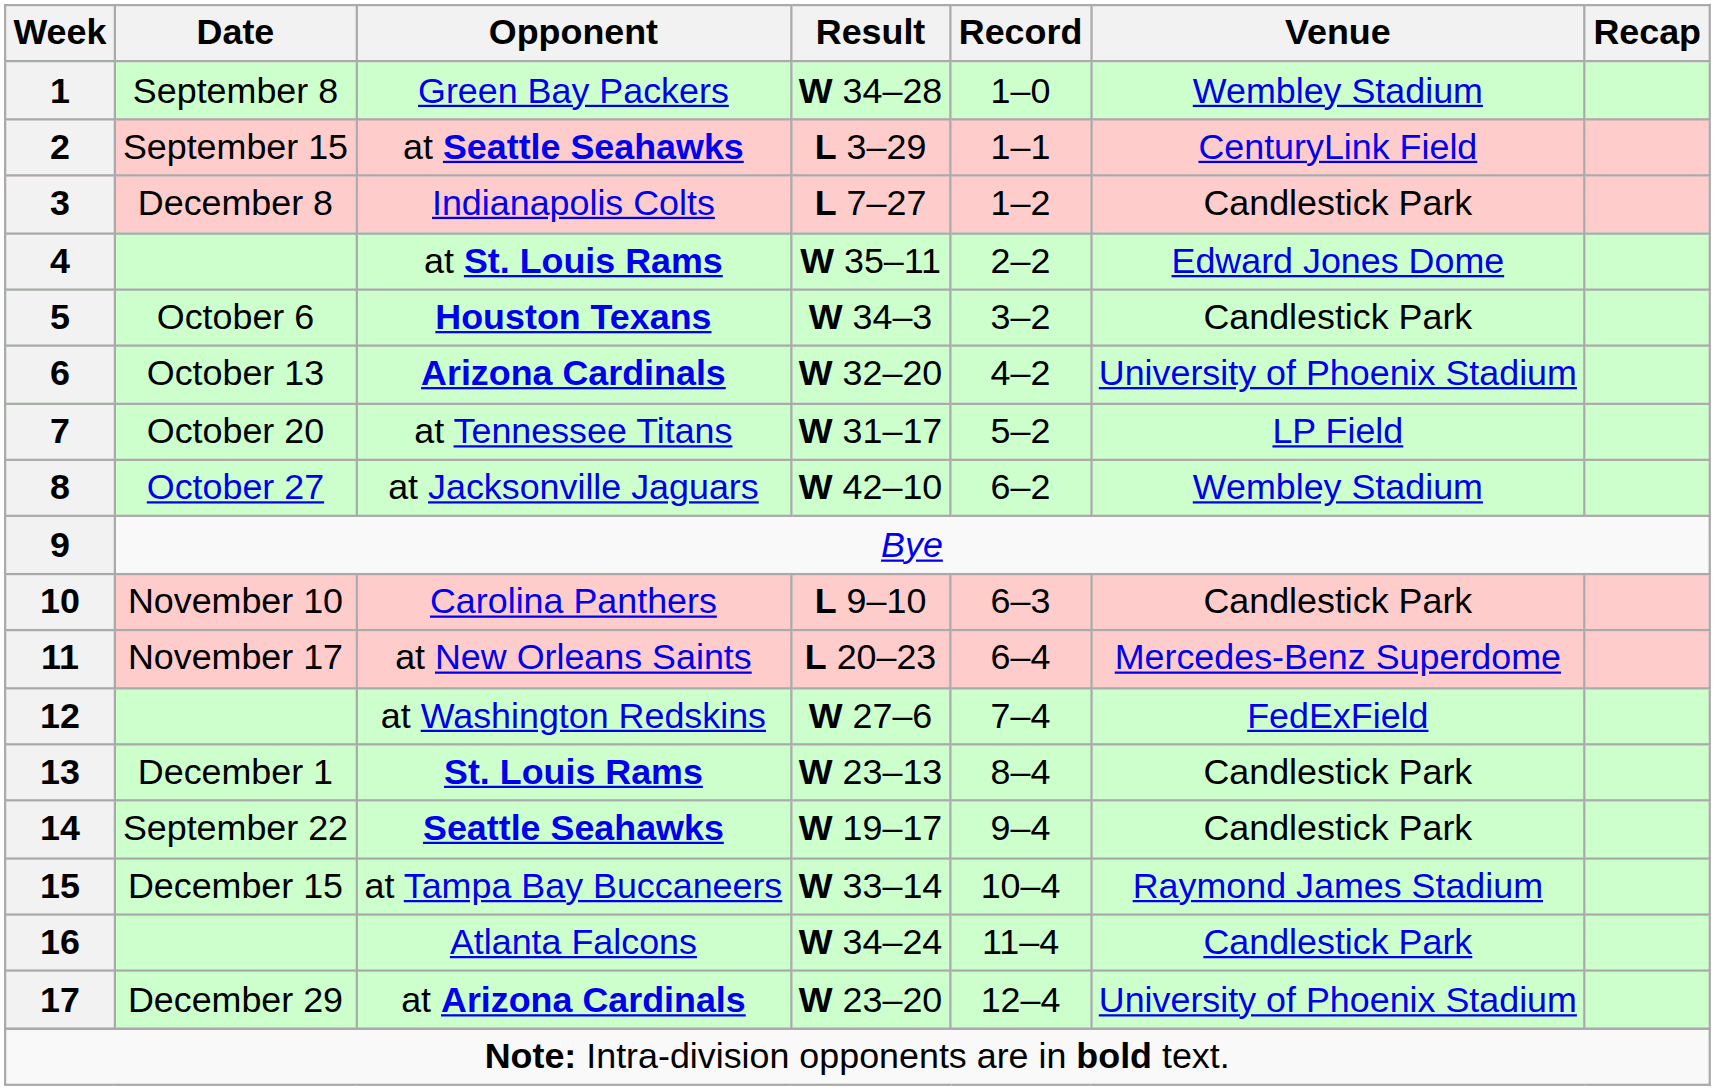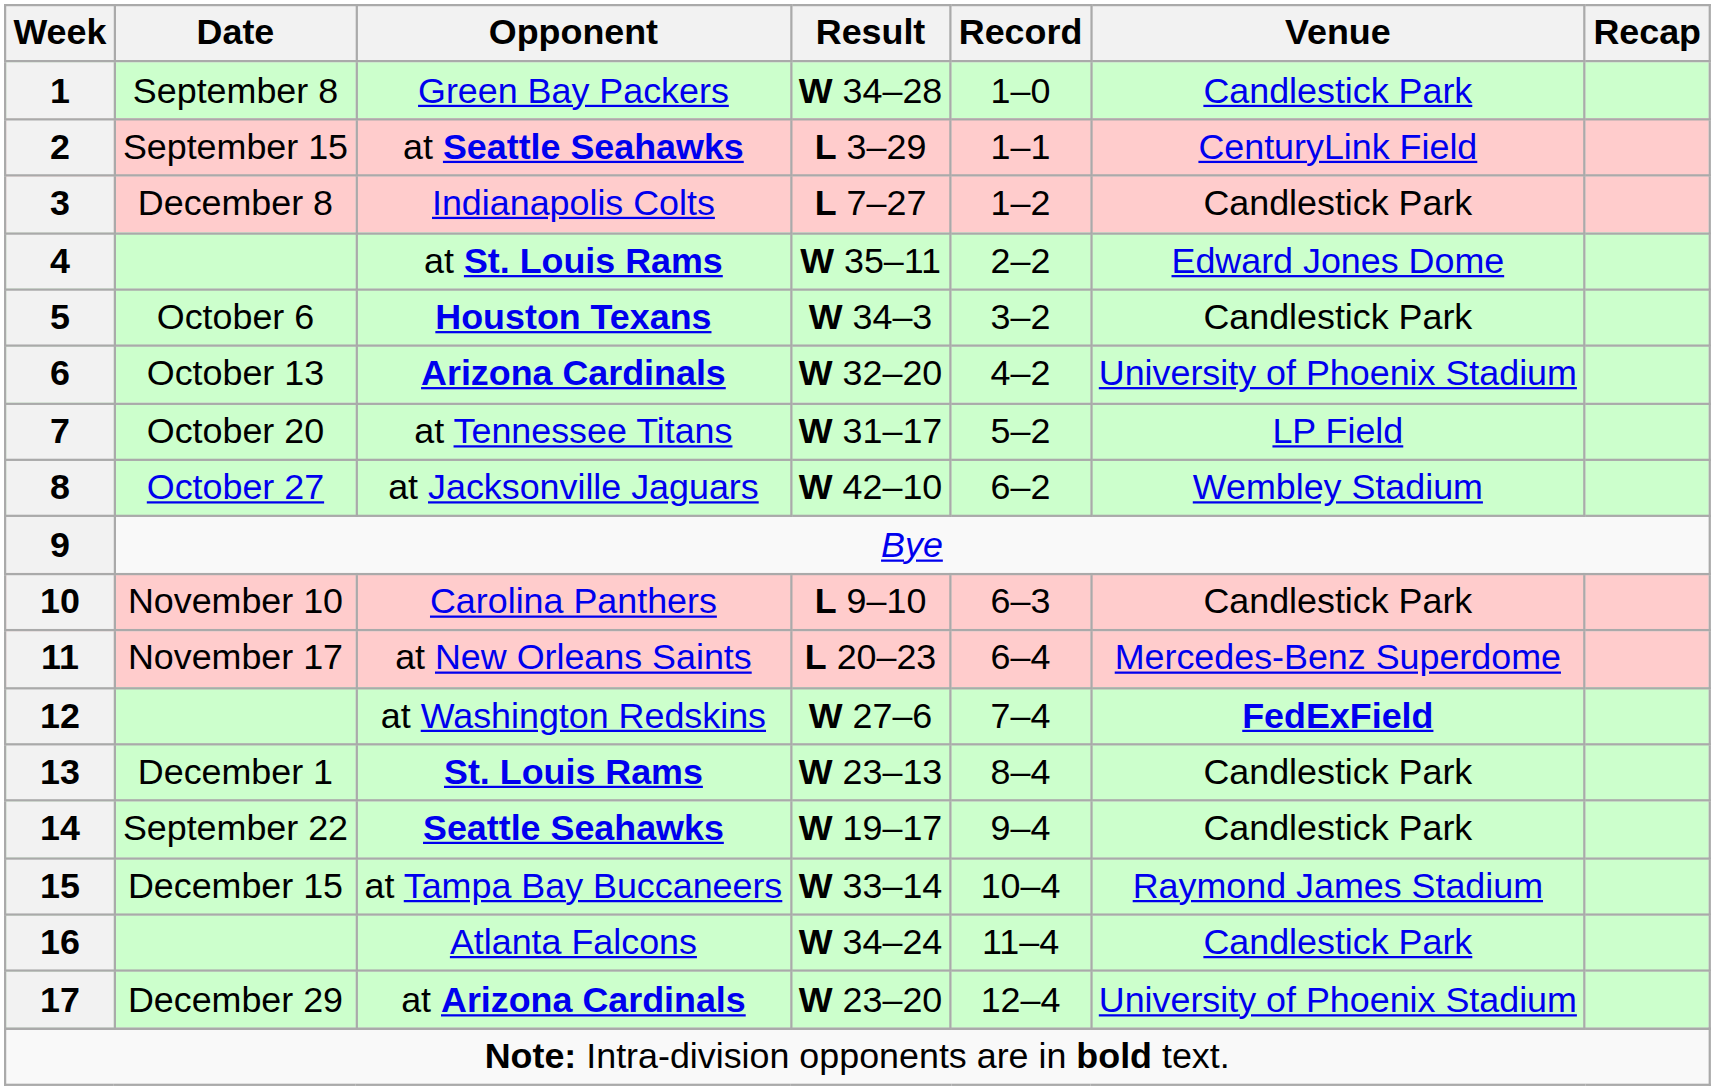 <table class="wikitable" style="text-align:center">
 <tr>
 <th>Week</th>
 <th>Date</th>
 <th>Opponent</th>
 <th>Result</th>
 <th>Record</th>
 <th>Venue</th>
 <th>Recap</th>
 </tr>
 <tr style="background:#cfc">
 <th>1</th>
 <td>September 8</td>
 <td><a href='#'>Green Bay Packers</a></td>
 <td><strong>W</strong> 34–28</td>
 <td>1–0</td>
-<td><a href='#'>Wembley Stadium</a> </td>
+<td><a href='#'>Candlestick Park</a></td>
 <td></td>
 </tr>
 <tr style="background:#fcc">
 <th>2</th>
 <td>September 15</td>
 <td>at <strong><a href='#'>Seattle Seahawks</a></strong></td>
 <td><strong>L</strong> 3–29</td>
 <td>1–1</td>
 <td><a href='#'>CenturyLink Field</a></td>
 <td></td>
 </tr>
 <tr style="background:#fcc">
 <th>3</th>
 <td>December 8</td>
 <td><a href='#'>Indianapolis Colts</a></td>
 <td><strong>L</strong> 7–27</td>
 <td>1–2</td>
 <td>Candlestick Park</td>
 <td></td>
 </tr>
 <tr style="background:#cfc">
 <th>4</th>
 <td></td>
 <td>at <strong><a href='#'>St. Louis Rams</a></strong></td>
 <td><strong>W</strong> 35–11</td>
 <td>2–2</td>
 <td><a href='#'>Edward Jones Dome</a></td>
 <td></td>
 </tr>
 <tr style="background:#cfc">
 <th>5</th>
 <td>October 6</td>
 <td><strong><a href='#'>Houston Texans</a></strong></td>
 <td><strong>W</strong> 34–3</td>
 <td>3–2</td>
 <td>Candlestick Park</td>
 <td></td>
 </tr>
 <tr style="background:#cfc">
 <th>6</th>
 <td>October 13</td>
 <td><strong><a href='#'>Arizona Cardinals</a></strong></td>
 <td><strong>W</strong> 32–20</td>
 <td>4–2</td>
 <td><a href='#'>University of Phoenix Stadium</a></td>
 <td></td>
 </tr>
 <tr style="background:#cfc">
 <th>7</th>
 <td>October 20</td>
 <td>at <a href='#'>Tennessee Titans</a></td>
 <td><strong>W</strong> 31–17</td>
 <td>5–2</td>
 <td><a href='#'>LP Field</a></td>
 <td></td>
 </tr>
 <tr style="background:#cfc">
 <th>8</th>
 <td><a href='#'>October 27</a></td>
 <td>at <a href='#'>Jacksonville Jaguars</a></td>
 <td><strong>W</strong> 42–10</td>
 <td>6–2</td>
 <td><a href='#'>Wembley Stadium</a> </td>
 <td></td>
 </tr>
 <tr>
 <th>9</th>
 <td colspan="6"><em><a href='#'>Bye</a></em></td>
 </tr>
 <tr style="background:#fcc">
 <th>10</th>
 <td>November 10</td>
 <td><a href='#'>Carolina Panthers</a></td>
 <td><strong>L</strong> 9–10</td>
 <td>6–3</td>
 <td>Candlestick Park</td>
 <td></td>
 </tr>
 <tr style="background:#fcc">
 <th>11</th>
 <td>November 17</td>
 <td>at <a href='#'>New Orleans Saints</a></td>
 <td><strong>L</strong> 20–23</td>
 <td>6–4</td>
 <td><a href='#'>Mercedes-Benz Superdome</a></td>
 <td></td>
 </tr>
 <tr style="background:#cfc">
 <th>12</th>
 <td></td>
 <td>at <a href='#'>Washington Redskins</a></td>
 <td><strong>W</strong> 27–6</td>
 <td>7–4</td>
-<td><a href='#'>FedExField</a></td>
+<td><strong><a href='#'>FedExField</a></strong></td>
 <td></td>
 </tr>
 <tr style="background:#cfc">
 <th>13</th>
 <td>December 1</td>
 <td><strong><a href='#'>St. Louis Rams</a></strong></td>
 <td><strong>W</strong> 23–13</td>
 <td>8–4</td>
 <td>Candlestick Park</td>
 <td></td>
 </tr>
 <tr style="background:#cfc">
 <th>14</th>
 <td>September 22</td>
 <td><strong><a href='#'>Seattle Seahawks</a></strong></td>
 <td><strong>W</strong> 19–17</td>
 <td>9–4</td>
 <td>Candlestick Park</td>
 <td></td>
 </tr>
 <tr style="background:#cfc">
 <th>15</th>
 <td>December 15</td>
 <td>at <a href='#'>Tampa Bay Buccaneers</a></td>
 <td><strong>W</strong> 33–14</td>
 <td>10–4</td>
 <td><a href='#'>Raymond James Stadium</a></td>
 <td></td>
 </tr>
 <tr style="background:#cfc">
 <th>16</th>
 <td></td>
 <td><a href='#'>Atlanta Falcons</a></td>
 <td><strong>W</strong> 34–24</td>
 <td>11–4</td>
 <td><a href='#'>Candlestick Park</a></td>
 <td></td>
 </tr>
 <tr style="background:#cfc">
 <th>17</th>
 <td>December 29</td>
 <td>at <strong><a href='#'>Arizona Cardinals</a></strong></td>
 <td><strong>W</strong> 23–20</td>
 <td>12–4</td>
 <td><a href='#'>University of Phoenix Stadium</a></td>
 <td></td>
 </tr>
 <tr>
 </tr>
 <tr>
 <td colspan="8"><strong>Note:</strong> Intra-division opponents are in <strong>bold</strong> text.</td>
 </tr>
 </table>
